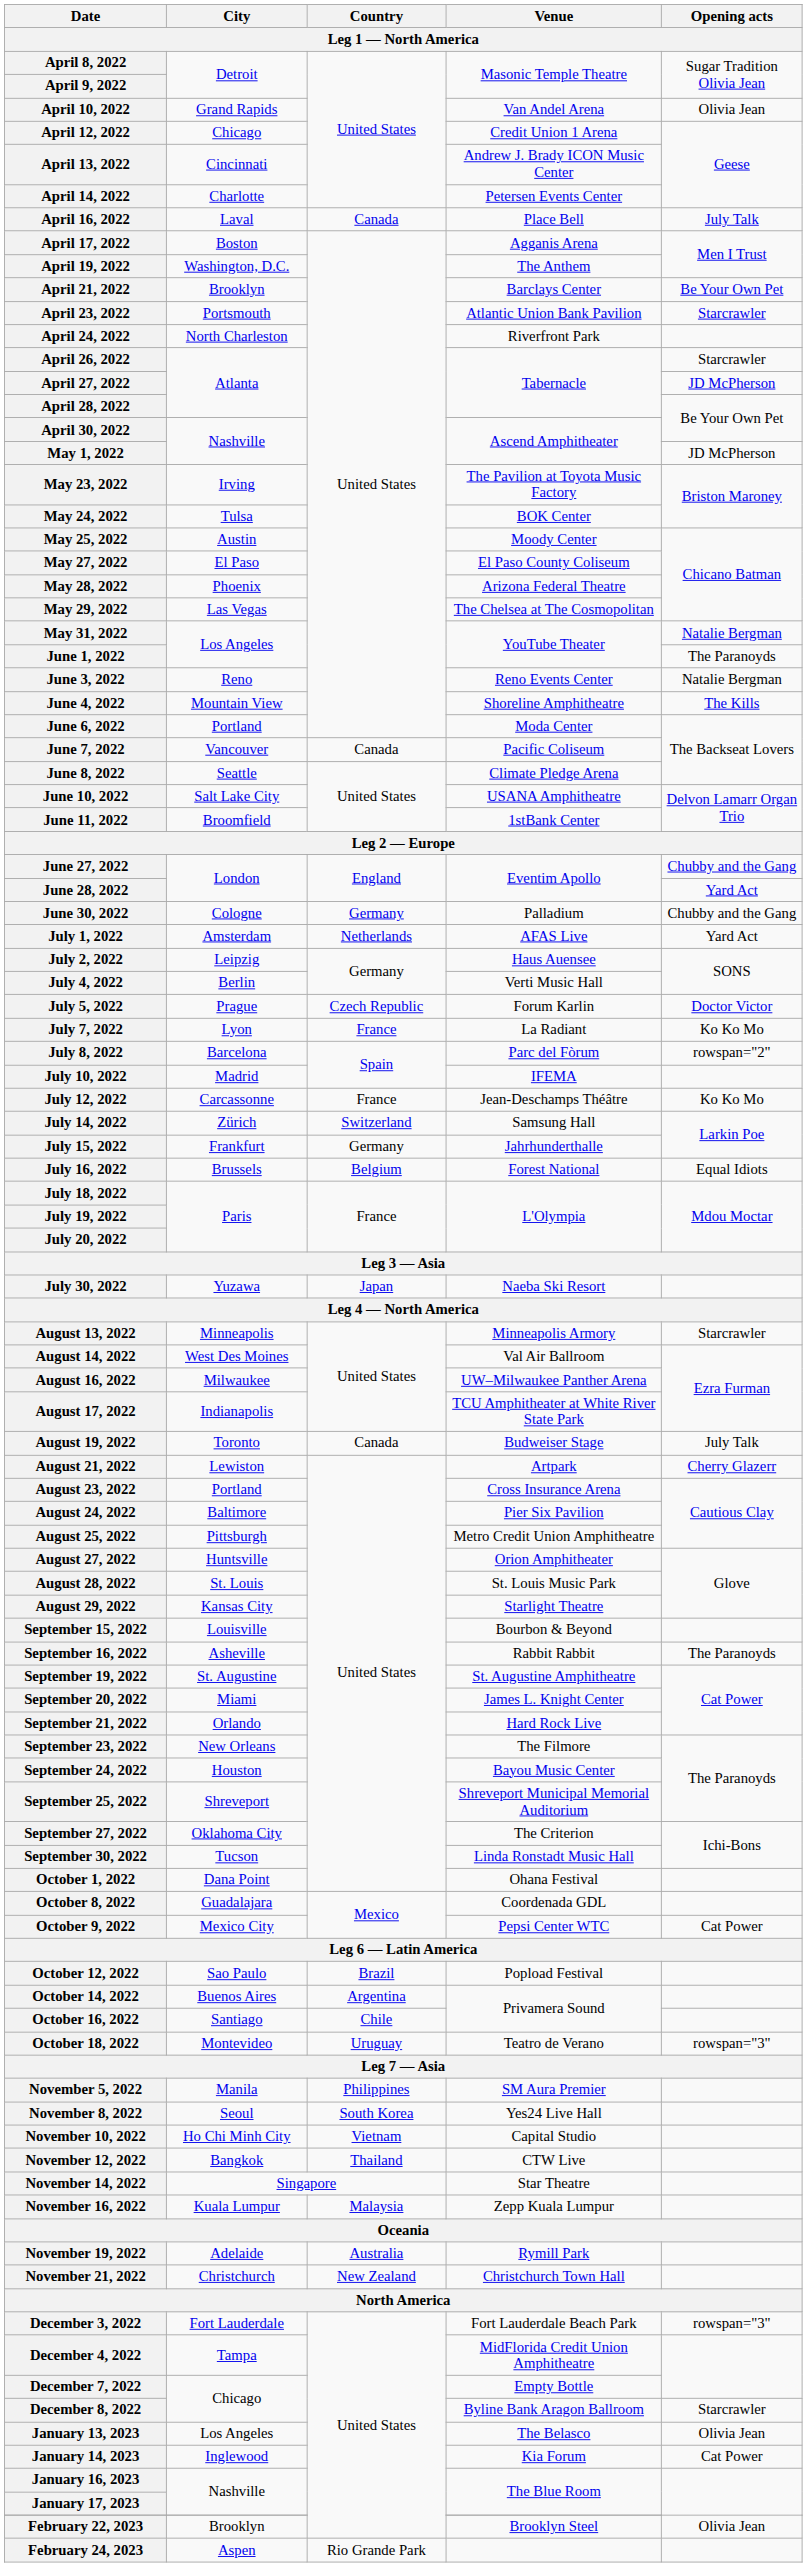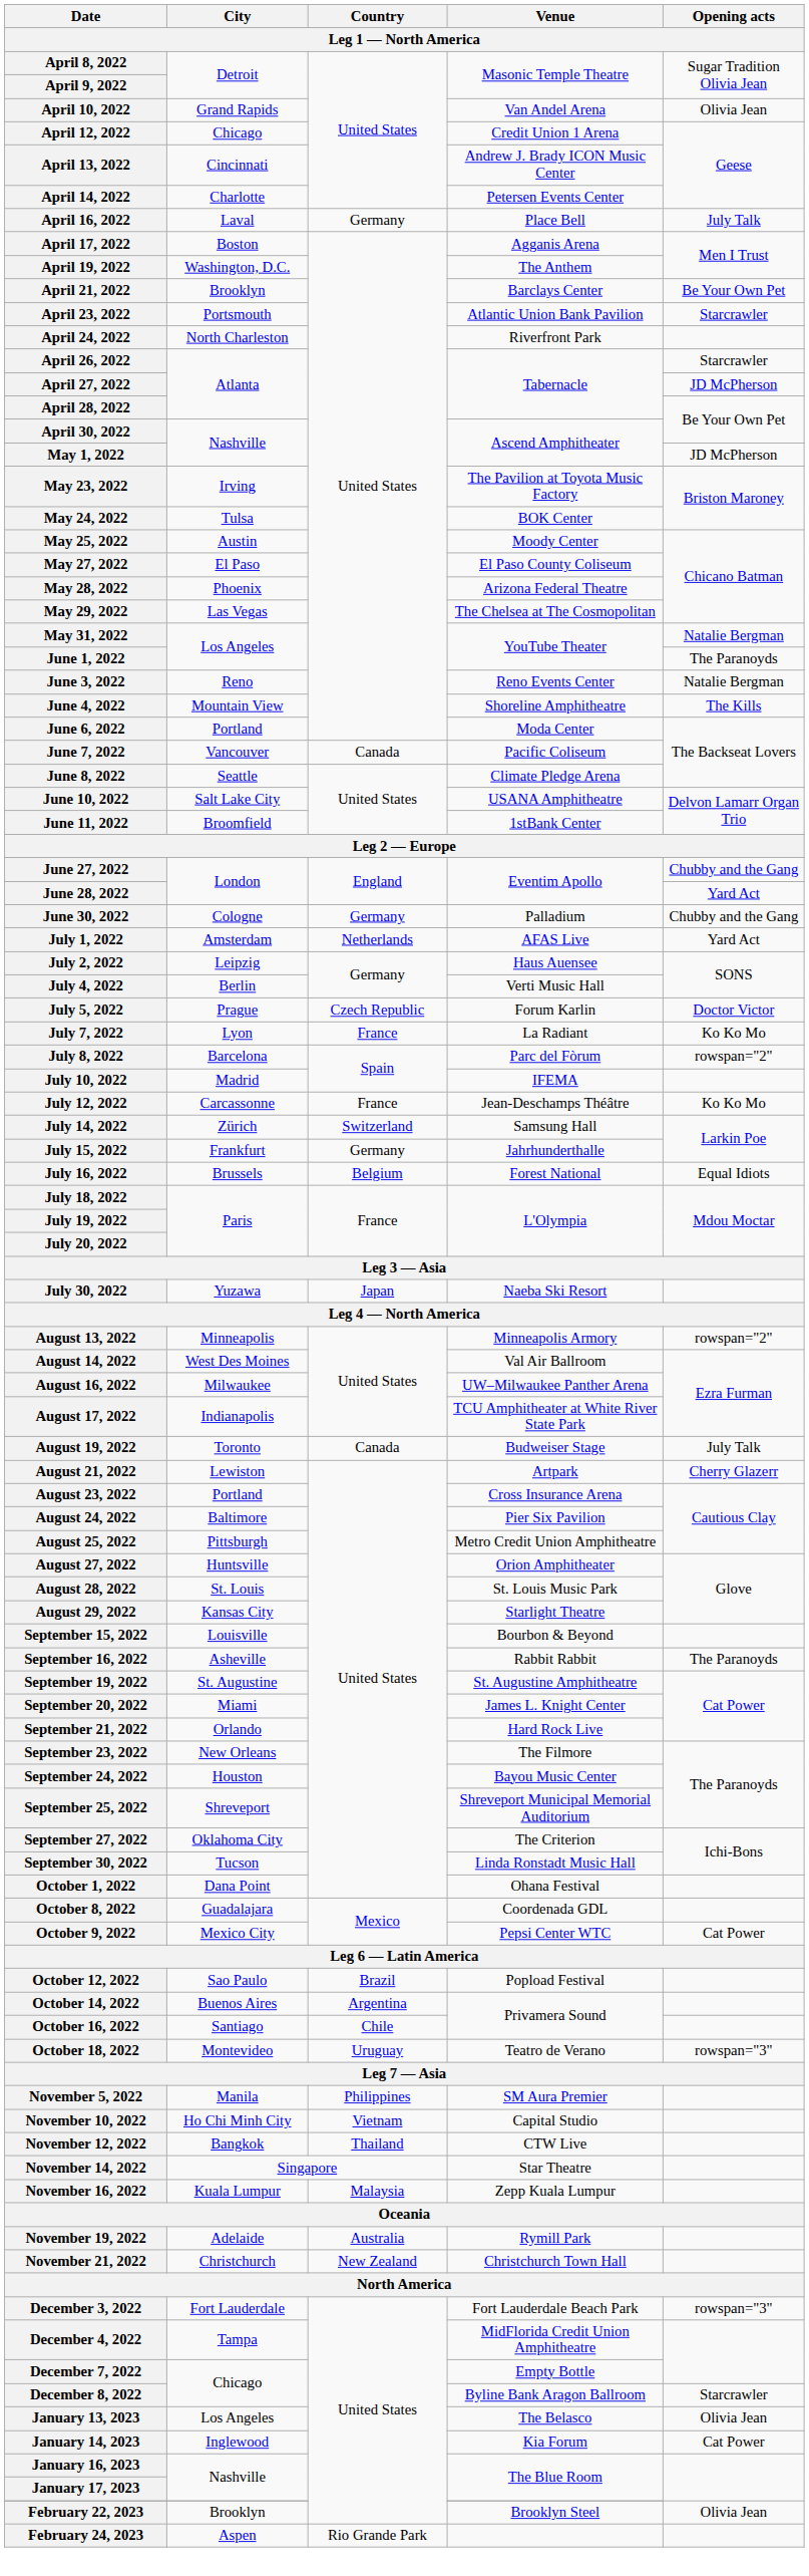 <table class="wikitable plainrowheaders" style="text-align:center;">
 <tr>
 <th scope="col" style="width:12em;">Date</th>
 <th scope="col" style="width:10em;">City</th>
 <th scope="col" style="width:10em;">Country</th>
 <th scope="col" style="width:16em;">Venue</th>
 <th scope="col" style="width:10em;">Opening acts</th>
 </tr>
 <tr>
 <th colspan="5">Leg 1 — North America</th>
 </tr>
 <tr>
 <th scope="row" style="text-align:center;">April 8, 2022</th>
 <td rowspan="2"><a href='#'>Detroit</a></td>
 <td rowspan="6"><a href='#'>United States</a></td>
 <td rowspan="2"><a href='#'>Masonic Temple Theatre</a></td>
 <td rowspan="2">Sugar Tradition<br><a href='#'>Olivia Jean</a></td>
 </tr>
 <tr>
 <th scope="row" style="text-align:center;">April 9, 2022</th>
 </tr>
 <tr>
 <th scope="row" style="text-align:center;">April 10, 2022</th>
 <td><a href='#'>Grand Rapids</a></td>
 <td><a href='#'>Van Andel Arena</a></td>
 <td>Olivia Jean</td>
 </tr>
 <tr>
 <th scope="row" style="text-align:center;">April 12, 2022</th>
 <td><a href='#'>Chicago</a></td>
 <td><a href='#'>Credit Union 1 Arena</a></td>
 <td rowspan="3"><a href='#'>Geese</a></td>
 </tr>
 <tr>
 <th scope="row" style="text-align:center;">April 13, 2022</th>
 <td><a href='#'>Cincinnati</a></td>
 <td><a href='#'>Andrew J. Brady ICON Music Center</a></td>
 </tr>
 <tr>
 <th scope="row" style="text-align:center;">April 14, 2022</th>
 <td><a href='#'>Charlotte</a></td>
 <td><a href='#'>Petersen Events Center</a></td>
 </tr>
 <tr>
 <th scope="row" style="text-align:center;">April 16, 2022</th>
 <td><a href='#'>Laval</a></td>
-<td><a href='#'>Canada</a></td>
+<td>Germany</td>
 <td><a href='#'>Place Bell</a></td>
 <td><a href='#'>July Talk</a></td>
 </tr>
 <tr>
 <th scope="row" style="text-align:center;">April 17, 2022</th>
 <td><a href='#'>Boston</a></td>
 <td rowspan="21">United States</td>
 <td><a href='#'>Agganis Arena</a></td>
 <td rowspan="2"><a href='#'>Men I Trust</a></td>
 </tr>
 <tr>
 <th scope="row" style="text-align:center;">April 19, 2022</th>
 <td><a href='#'>Washington, D.C.</a></td>
 <td><a href='#'>The Anthem</a></td>
 </tr>
 <tr>
 <th scope="row" style="text-align:center;">April 21, 2022</th>
 <td><a href='#'>Brooklyn</a></td>
 <td><a href='#'>Barclays Center</a></td>
 <td><a href='#'>Be Your Own Pet</a></td>
 </tr>
 <tr>
 <th scope="row" style="text-align:center;">April 23, 2022</th>
 <td><a href='#'>Portsmouth</a></td>
 <td><a href='#'>Atlantic Union Bank Pavilion</a></td>
 <td><a href='#'>Starcrawler</a></td>
 </tr>
 <tr>
 <th scope="row" style="text-align:center;">April 24, 2022</th>
 <td><a href='#'>North Charleston</a></td>
 <td>Riverfront Park</td>
 <td></td>
 </tr>
 <tr>
 <th scope="row" style="text-align:center;">April 26, 2022</th>
 <td rowspan="3"><a href='#'>Atlanta</a></td>
 <td rowspan="3"><a href='#'>Tabernacle</a></td>
 <td>Starcrawler</td>
 </tr>
 <tr>
 <th scope="row" style="text-align:center;">April 27, 2022</th>
 <td><a href='#'>JD McPherson</a></td>
 </tr>
 <tr>
 <th scope="row" style="text-align:center;">April 28, 2022</th>
 <td rowspan="2">Be Your Own Pet</td>
 </tr>
 <tr>
 <th scope="row" style="text-align:center;">April 30, 2022</th>
 <td rowspan="2"><a href='#'>Nashville</a></td>
 <td rowspan="2"><a href='#'>Ascend Amphitheater</a></td>
 </tr>
 <tr>
 <th scope="row" style="text-align:center;">May 1, 2022</th>
 <td>JD McPherson</td>
 </tr>
 <tr>
 <th scope="row" style="text-align:center;">May 23, 2022</th>
 <td><a href='#'>Irving</a></td>
 <td><a href='#'>The Pavilion at Toyota Music Factory</a></td>
 <td rowspan="2"><a href='#'>Briston Maroney</a></td>
 </tr>
 <tr>
 <th scope="row" style="text-align:center;">May 24, 2022</th>
 <td><a href='#'>Tulsa</a></td>
 <td><a href='#'>BOK Center</a></td>
 </tr>
 <tr>
 <th scope="row" style="text-align:center;">May 25, 2022</th>
 <td><a href='#'>Austin</a></td>
 <td><a href='#'>Moody Center</a></td>
 <td rowspan="4"><a href='#'>Chicano Batman</a></td>
 </tr>
 <tr>
 <th scope="row" style="text-align:center;">May 27, 2022</th>
 <td><a href='#'>El Paso</a></td>
 <td><a href='#'>El Paso County Coliseum</a></td>
 </tr>
 <tr>
 <th scope="row" style="text-align:center;">May 28, 2022</th>
 <td><a href='#'>Phoenix</a></td>
 <td><a href='#'>Arizona Federal Theatre</a></td>
 </tr>
 <tr>
 <th scope="row" style="text-align:center;">May 29, 2022</th>
 <td><a href='#'>Las Vegas</a></td>
 <td><a href='#'>The Chelsea at The Cosmopolitan</a></td>
 </tr>
 <tr>
 <th scope="row" style="text-align:center;">May 31, 2022</th>
 <td rowspan="2"><a href='#'>Los Angeles</a></td>
 <td rowspan="2"><a href='#'>YouTube Theater</a></td>
 <td><a href='#'>Natalie Bergman</a></td>
 </tr>
 <tr>
 <th scope="row" style="text-align:center;">June 1, 2022</th>
 <td>The Paranoyds</td>
 </tr>
 <tr>
 <th scope="row" style="text-align:center;">June 3, 2022</th>
 <td><a href='#'>Reno</a></td>
 <td><a href='#'>Reno Events Center</a></td>
 <td>Natalie Bergman</td>
 </tr>
 <tr>
 <th scope="row" style="text-align:center;">June 4, 2022</th>
 <td><a href='#'>Mountain View</a></td>
 <td><a href='#'>Shoreline Amphitheatre</a></td>
 <td><a href='#'>The Kills</a></td>
 </tr>
 <tr>
 <th scope="row" style="text-align:center;">June 6, 2022</th>
 <td><a href='#'>Portland</a></td>
 <td><a href='#'>Moda Center</a></td>
 <td rowspan="3">The Backseat Lovers</td>
 </tr>
 <tr>
 <th scope="row" style="text-align:center;">June 7, 2022</th>
 <td><a href='#'>Vancouver</a></td>
 <td>Canada</td>
 <td><a href='#'>Pacific Coliseum</a></td>
 </tr>
 <tr>
 <th scope="row" style="text-align:center;">June 8, 2022</th>
 <td><a href='#'>Seattle</a></td>
 <td rowspan="3">United States</td>
 <td><a href='#'>Climate Pledge Arena</a></td>
 </tr>
 <tr>
 <th scope="row" style="text-align:center;">June 10, 2022</th>
 <td><a href='#'>Salt Lake City</a></td>
 <td><a href='#'>USANA Amphitheatre</a></td>
 <td rowspan="2"><a href='#'>Delvon Lamarr Organ Trio</a></td>
 </tr>
 <tr>
 <th scope="row" style="text-align:center;">June 11, 2022</th>
 <td><a href='#'>Broomfield</a></td>
 <td><a href='#'>1stBank Center</a></td>
 </tr>
 <tr>
 <th colspan="5">Leg 2 — Europe</th>
 </tr>
 <tr>
 <th scope="row" style="text-align:center;">June 27, 2022</th>
 <td rowspan="2"><a href='#'>London</a></td>
 <td rowspan="2"><a href='#'>England</a></td>
 <td rowspan="2"><a href='#'>Eventim Apollo</a></td>
 <td><a href='#'>Chubby and the Gang</a></td>
 </tr>
 <tr>
 <th scope="row" style="text-align:center;">June 28, 2022</th>
 <td><a href='#'>Yard Act</a></td>
 </tr>
 <tr>
 <th scope="row" style="text-align:center;">June 30, 2022</th>
 <td><a href='#'>Cologne</a></td>
 <td><a href='#'>Germany</a></td>
 <td>Palladium</td>
 <td>Chubby and the Gang</td>
 </tr>
 <tr>
 <th scope="row" style="text-align:center;">July 1, 2022</th>
 <td><a href='#'>Amsterdam</a></td>
 <td><a href='#'>Netherlands</a></td>
 <td><a href='#'>AFAS Live</a></td>
 <td>Yard Act</td>
 </tr>
 <tr>
 <th scope="row" style="text-align:center;">July 2, 2022</th>
 <td><a href='#'>Leipzig</a></td>
 <td rowspan="2">Germany</td>
 <td><a href='#'>Haus Auensee</a></td>
 <td rowspan="2">SONS</td>
 </tr>
 <tr>
 <th scope="row" style="text-align:center;">July 4, 2022</th>
 <td><a href='#'>Berlin</a></td>
 <td>Verti Music Hall</td>
 </tr>
 <tr>
 <th scope="row" style="text-align:center;">July 5, 2022</th>
 <td><a href='#'>Prague</a></td>
 <td><a href='#'>Czech Republic</a></td>
 <td>Forum Karlin</td>
 <td><a href='#'>Doctor Victor</a></td>
 </tr>
 <tr>
 <th scope="row" style="text-align:center;">July 7, 2022</th>
 <td><a href='#'>Lyon</a></td>
 <td><a href='#'>France</a></td>
 <td>La Radiant</td>
 <td>Ko Ko Mo</td>
 </tr>
 <tr>
 <th scope="row" style="text-align:center;">July 8, 2022</th>
 <td><a href='#'>Barcelona</a></td>
 <td rowspan="2"><a href='#'>Spain</a></td>
 <td><a href='#'>Parc del Fòrum</a></td>
 <td>rowspan="2" </td>
 </tr>
 <tr>
 <th scope="row" style="text-align:center;">July 10, 2022</th>
 <td><a href='#'>Madrid</a></td>
 <td><a href='#'>IFEMA</a></td>
 </tr>
 <tr>
 <th scope="row" style="text-align:center;">July 12, 2022</th>
 <td><a href='#'>Carcassonne</a></td>
 <td>France</td>
 <td>Jean-Deschamps Théâtre</td>
 <td>Ko Ko Mo</td>
 </tr>
 <tr>
 <th scope="row" style="text-align:center;">July 14, 2022</th>
 <td><a href='#'>Zürich</a></td>
 <td><a href='#'>Switzerland</a></td>
 <td>Samsung Hall</td>
 <td rowspan="2"><a href='#'>Larkin Poe</a></td>
 </tr>
 <tr>
 <th scope="row" style="text-align:center;">July 15, 2022</th>
 <td><a href='#'>Frankfurt</a></td>
 <td>Germany</td>
 <td><a href='#'>Jahrhunderthalle</a></td>
 </tr>
 <tr>
 <th scope="row" style="text-align:center;">July 16, 2022</th>
 <td><a href='#'>Brussels</a></td>
 <td><a href='#'>Belgium</a></td>
 <td><a href='#'>Forest National</a></td>
 <td>Equal Idiots</td>
 </tr>
 <tr>
 <th scope="row" style="text-align:center;">July 18, 2022</th>
 <td rowspan="3"><a href='#'>Paris</a></td>
 <td rowspan="3">France</td>
 <td rowspan="3"><a href='#'>L'Olympia</a></td>
 <td rowspan="3"><a href='#'>Mdou Moctar</a></td>
 </tr>
 <tr>
 <th scope="row" style="text-align:center;">July 19, 2022</th>
 </tr>
 <tr>
 <th scope="row" style="text-align:center;">July 20, 2022</th>
 </tr>
 <tr>
 <th colspan="5">Leg 3 — Asia</th>
 </tr>
 <tr>
 <th scope="row" style="text-align:center;">July 30, 2022</th>
 <td><a href='#'>Yuzawa</a></td>
 <td><a href='#'>Japan</a></td>
 <td><a href='#'>Naeba Ski Resort</a></td>
 <td></td>
 </tr>
 <tr>
 <th colspan="5">Leg 4 — North America</th>
 </tr>
 <tr>
 <th scope="row" style="text-align:center;">August 13, 2022</th>
 <td><a href='#'>Minneapolis</a></td>
 <td rowspan="4">United States</td>
 <td><a href='#'>Minneapolis Armory</a></td>
-<td>Starcrawler</td>
+<td>rowspan="2" </td>
 </tr>
 <tr>
 <th scope="row" style="text-align:center;">August 14, 2022</th>
 <td><a href='#'>West Des Moines</a></td>
 <td>Val Air Ballroom</td>
 <td rowspan="3"><a href='#'>Ezra Furman</a></td>
 </tr>
 <tr>
 <th scope="row" style="text-align:center;">August 16, 2022</th>
 <td><a href='#'>Milwaukee</a></td>
 <td><a href='#'>UW–Milwaukee Panther Arena</a></td>
 </tr>
 <tr>
 <th scope="row" style="text-align:center;">August 17, 2022</th>
 <td><a href='#'>Indianapolis</a></td>
 <td><a href='#'>TCU Amphitheater at White River State Park</a></td>
 </tr>
 <tr>
 <th scope="row" style="text-align:center;">August 19, 2022</th>
 <td><a href='#'>Toronto</a></td>
 <td>Canada</td>
 <td><a href='#'>Budweiser Stage</a></td>
 <td>July Talk</td>
 </tr>
 <tr>
 <th scope="row" style="text-align:center;">August 21, 2022</th>
 <td><a href='#'>Lewiston</a></td>
 <td rowspan="18">United States</td>
 <td><a href='#'>Artpark</a></td>
 <td><a href='#'>Cherry Glazerr</a></td>
 </tr>
 <tr>
 <th scope="row" style="text-align:center;">August 23, 2022</th>
 <td><a href='#'>Portland</a></td>
 <td><a href='#'>Cross Insurance Arena</a></td>
 <td rowspan="3"><a href='#'>Cautious Clay</a></td>
 </tr>
 <tr>
 <th scope="row" style="text-align:center;">August 24, 2022</th>
 <td><a href='#'>Baltimore</a></td>
 <td><a href='#'>Pier Six Pavilion</a></td>
 </tr>
 <tr>
 <th scope="row" style="text-align:center;">August 25, 2022</th>
 <td><a href='#'>Pittsburgh</a></td>
 <td>Metro Credit Union Amphitheatre</td>
 </tr>
 <tr>
 <th scope="row" style="text-align:center;">August 27, 2022</th>
 <td><a href='#'>Huntsville</a></td>
 <td><a href='#'>Orion Amphitheater</a></td>
 <td rowspan="3">Glove</td>
 </tr>
 <tr>
 <th scope="row" style="text-align:center;">August 28, 2022</th>
 <td><a href='#'>St. Louis</a></td>
 <td>St. Louis Music Park</td>
 </tr>
 <tr>
 <th scope="row" style="text-align:center;">August 29, 2022</th>
 <td><a href='#'>Kansas City</a></td>
 <td><a href='#'>Starlight Theatre</a></td>
 </tr>
 <tr>
 <th scope="row" style="text-align:center;">September 15, 2022</th>
 <td><a href='#'>Louisville</a></td>
 <td>Bourbon & Beyond</td>
 <td></td>
 </tr>
 <tr>
 <th scope="row" style="text-align:center;">September 16, 2022</th>
 <td><a href='#'>Asheville</a></td>
 <td>Rabbit Rabbit</td>
 <td>The Paranoyds</td>
 </tr>
 <tr>
 <th scope="row" style="text-align:center;">September 19, 2022</th>
 <td><a href='#'>St. Augustine</a></td>
 <td><a href='#'>St. Augustine Amphitheatre</a></td>
 <td rowspan="3"><a href='#'>Cat Power</a></td>
 </tr>
 <tr>
 <th scope="row" style="text-align:center;">September 20, 2022</th>
 <td><a href='#'>Miami</a></td>
 <td><a href='#'>James L. Knight Center</a></td>
 </tr>
 <tr>
 <th scope="row" style="text-align:center;">September 21, 2022</th>
 <td><a href='#'>Orlando</a></td>
 <td><a href='#'>Hard Rock Live</a></td>
 </tr>
 <tr>
 <th scope="row" style="text-align:center;">September 23, 2022</th>
 <td><a href='#'>New Orleans</a></td>
 <td>The Filmore</td>
 <td rowspan="3">The Paranoyds</td>
 </tr>
 <tr>
 <th scope="row" style="text-align:center;">September 24, 2022</th>
 <td><a href='#'>Houston</a></td>
 <td><a href='#'>Bayou Music Center</a></td>
 </tr>
 <tr>
 <th scope="row" style="text-align:center;">September 25, 2022</th>
 <td><a href='#'>Shreveport</a></td>
 <td><a href='#'>Shreveport Municipal Memorial Auditorium</a></td>
 </tr>
 <tr>
 <th scope="row" style="text-align:center;">September 27, 2022</th>
 <td><a href='#'>Oklahoma City</a></td>
 <td>The Criterion</td>
 <td rowspan="2">Ichi-Bons</td>
 </tr>
 <tr>
 <th scope="row" style="text-align:center;">September 30, 2022</th>
 <td><a href='#'>Tucson</a></td>
 <td><a href='#'>Linda Ronstadt Music Hall</a></td>
 </tr>
 <tr>
 <th scope="row" style="text-align:center;">October 1, 2022</th>
 <td><a href='#'>Dana Point</a></td>
 <td>Ohana Festival</td>
 <td></td>
 </tr>
 <tr>
 <th scope="row" style="text-align:center;">October 8, 2022</th>
 <td><a href='#'>Guadalajara</a></td>
 <td rowspan="2"><a href='#'>Mexico</a></td>
 <td>Coordenada GDL</td>
 <td></td>
 </tr>
 <tr>
 <th scope="row" style="text-align:center;">October 9, 2022</th>
 <td><a href='#'>Mexico City</a></td>
 <td><a href='#'>Pepsi Center WTC</a></td>
 <td>Cat Power</td>
 </tr>
 <tr>
 <th colspan="5">Leg 6 — Latin America</th>
 </tr>
 <tr>
 <th scope="row" style="text-align:center;">October 12, 2022</th>
 <td><a href='#'>Sao Paulo</a></td>
 <td><a href='#'>Brazil</a></td>
 <td>Popload Festival</td>
 <td></td>
 </tr>
 <tr>
 <th scope="row" style="text-align:center;">October 14, 2022</th>
 <td><a href='#'>Buenos Aires</a></td>
 <td><a href='#'>Argentina</a></td>
 <td rowspan="2">Privamera Sound</td>
 <td></td>
 </tr>
 <tr>
 <th scope="row" style="text-align:center;">October 16, 2022</th>
 <td><a href='#'>Santiago</a></td>
 <td><a href='#'>Chile</a></td>
 <td></td>
 </tr>
 <tr>
 <th scope="row" style="text-align:center;">October 18, 2022</th>
 <td><a href='#'>Montevideo</a></td>
 <td><a href='#'>Uruguay</a></td>
 <td>Teatro de Verano</td>
 <td>rowspan="3" </td>
 </tr>
 <tr>
 <th colspan="5">Leg 7 — Asia</th>
 </tr>
 <tr>
 <th scope="row" style="text-align:center;">November 5, 2022</th>
 <td><a href='#'>Manila</a></td>
 <td><a href='#'>Philippines</a></td>
 <td><a href='#'>SM Aura Premier</a></td>
 <td></td>
 </tr>
 <tr>
-<th scope="row" style="text-align:center;">November 8, 2022</th>
-<td><a href='#'>Seoul</a></td>
-<td><a href='#'>South Korea</a></td>
-<td>Yes24 Live Hall</td>
-<td></td>
-</tr>
-<tr>
 <th scope="row" style="text-align:center;">November 10, 2022</th>
 <td><a href='#'>Ho Chi Minh City</a></td>
 <td><a href='#'>Vietnam</a></td>
 <td>Capital Studio</td>
 <td></td>
 </tr>
 <tr>
 <th scope="row" style="text-align:center;">November 12, 2022</th>
 <td><a href='#'>Bangkok</a></td>
 <td><a href='#'>Thailand</a></td>
 <td>CTW Live</td>
 <td></td>
 </tr>
 <tr>
 <th scope="row" style="text-align:center;">November 14, 2022</th>
 <td colspan="2"><a href='#'>Singapore</a></td>
 <td>Star Theatre</td>
 <td></td>
 </tr>
 <tr>
 <th scope="row" style="text-align:center;">November 16, 2022</th>
 <td><a href='#'>Kuala Lumpur</a></td>
 <td><a href='#'>Malaysia</a></td>
 <td>Zepp Kuala Lumpur</td>
 <td></td>
 </tr>
 <tr>
 <th colspan="5">Oceania</th>
 </tr>
 <tr>
 <th scope="row" style="text-align:center;">November 19, 2022</th>
 <td><a href='#'>Adelaide</a></td>
 <td><a href='#'>Australia</a></td>
 <td><a href='#'>Rymill Park</a></td>
 <td></td>
 </tr>
 <tr>
 <th scope="row" style="text-align:center;">November 21, 2022</th>
 <td><a href='#'>Christchurch</a></td>
 <td><a href='#'>New Zealand</a></td>
 <td><a href='#'>Christchurch Town Hall</a></td>
 <td></td>
 </tr>
 <tr>
 <th colspan="5">North America</th>
 </tr>
 <tr>
 <th scope="row" style="text-align:center;">December 3, 2022</th>
 <td><a href='#'>Fort Lauderdale</a></td>
 <td rowspan="10">United States</td>
 <td>Fort Lauderdale Beach Park</td>
 <td>rowspan="3" </td>
 </tr>
 <tr>
 <th scope="row" style="text-align:center;">December 4, 2022</th>
 <td><a href='#'>Tampa</a></td>
 <td><a href='#'>MidFlorida Credit Union Amphitheatre</a></td>
 </tr>
 <tr>
 <th scope="row" style="text-align:center;">December 7, 2022</th>
 <td rowspan="2">Chicago</td>
 <td><a href='#'>Empty Bottle</a></td>
 </tr>
 <tr>
 <th scope="row" style="text-align:center;">December 8, 2022</th>
 <td><a href='#'>Byline Bank Aragon Ballroom</a></td>
 <td>Starcrawler</td>
 </tr>
 <tr>
 <th scope="row" style="text-align:center;">January 13, 2023</th>
 <td>Los Angeles</td>
 <td><a href='#'>The Belasco</a></td>
 <td>Olivia Jean</td>
 </tr>
 <tr>
 <th scope="row" style="text-align:center;">January 14, 2023</th>
 <td><a href='#'>Inglewood</a></td>
 <td><a href='#'>Kia Forum</a></td>
 <td>Cat Power</td>
 </tr>
 <tr>
 <th scope="row" style="text-align:center;">January 16, 2023</th>
 <td rowspan="2">Nashville</td>
 <td rowspan="2"><a href='#'>The Blue Room</a></td>
 </tr>
 <tr>
 <th scope="row" style="text-align:center;">January 17, 2023</th>
 </tr>
 <tr>
 </tr>
 <tr>
 <th scope="row" style="text-align:center;">February 22, 2023</th>
 <td>Brooklyn</td>
 <td><a href='#'>Brooklyn Steel</a></td>
 <td>Olivia Jean</td>
 </tr>
 <tr>
 <th scope="row" style="text-align:center;">February 24, 2023</th>
 <td><a href='#'>Aspen</a></td>
 <td>Rio Grande Park</td>
 <td></td>
 </tr>
 </table>
